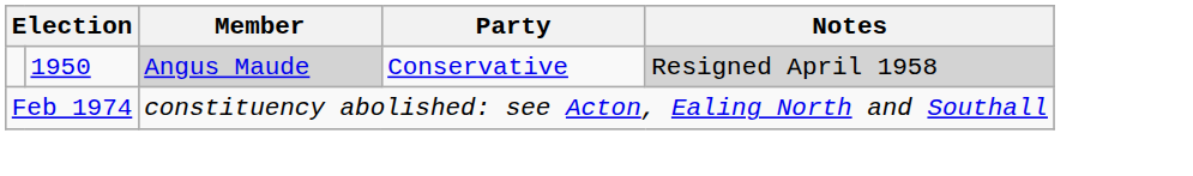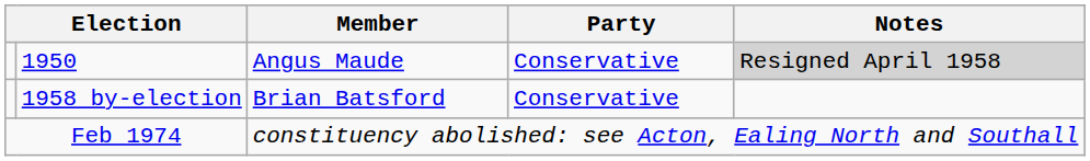 <table class="wikitable">
 <tr>
 <th colspan="2">Election</th>
 <th>Member</th>
 <th>Party</th>
 <th>Notes</th>
 </tr>
 <tr>
 <td style="color:inherit;background-color: "></td>
 <td><a href='#'>1950</a></td>
-<td style="background: lightgrey;"><a href='#'>Angus Maude</a></td>
+<td><a href='#'>Angus Maude</a></td>
 <td><a href='#'>Conservative</a></td>
 <td style="background: lightgrey;">Resigned April 1958</td>
+</tr>
+<tr>
+<td style="color:inherit;background-color: "></td>
+<td><a href='#'>1958 by-election</a></td>
+<td><a href='#'>Brian Batsford</a></td>
+<td><a href='#'>Conservative</a></td>
+<td></td>
 </tr>
 <tr>
 <td colspan="2" align="center"><a href='#'>Feb 1974</a></td>
 <td colspan="3"><em>constituency abolished: see <a href='#'>Acton</a>, <a href='#'>Ealing North</a> and <a href='#'>Southall</a></em></td>
 </tr>
 </table>
